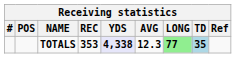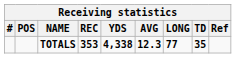 <table class="wikitable sortable collapsible collapsed">
 <tr>
 <th colspan="9">Receiving statistics</th>
 </tr>
 <tr>
 <th>#</th>
 <th>POS</th>
 <th>NAME</th>
 <th>REC</th>
 <th>YDS</th>
 <th>AVG</th>
 <th>LONG</th>
 <th>TD</th>
 <th>Ref</th>
 </tr>
 <tr>
 <td></td>
 <td></td>
 <td><strong>TOTALS</strong></td>
 <td><strong>353</strong></td>
-<td style="background: lavender;"><strong>4,338</strong></td>
+<td><strong>4,338</strong></td>
 <td><strong>12.3</strong></td>
-<td style="background: lightgreen;"><strong>77</strong></td>
-<td style="background: lightblue;"><strong>35</strong></td>
+<td><strong>77</strong></td>
+<td><strong>35</strong></td>
 <td></td>
 </tr>
 </table>
